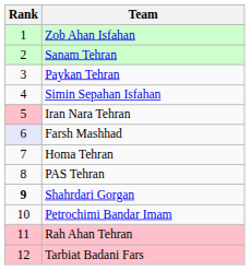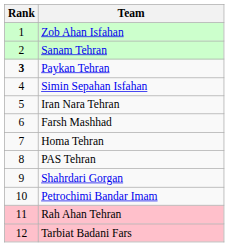 <table class="wikitable" style="text-align: center;">
 <tr>
 <th width=40>Rank</th>
 <th width=250>Team</th>
 </tr>
 <tr bgcolor=ccffcc>
 <td>1</td>
 <td align="left"><a href='#'>Zob Ahan Isfahan</a></td>
 </tr>
 <tr bgcolor=ccffcc>
 <td>2</td>
 <td align="left"><a href='#'>Sanam Tehran</a></td>
 </tr>
 <tr>
-<td>3</td>
+<td><strong>3</strong></td>
 <td align="left"><a href='#'>Paykan Tehran</a></td>
 </tr>
 <tr>
 <td>4</td>
 <td align="left"><a href='#'>Simin Sepahan Isfahan</a></td>
 </tr>
 <tr>
-<td style="background: pink;">5</td>
+<td>5</td>
 <td align="left">Iran Nara Tehran</td>
 </tr>
 <tr>
-<td style="background: lavender;">6</td>
+<td>6</td>
 <td align="left">Farsh Mashhad</td>
 </tr>
 <tr>
 <td>7</td>
 <td align="left">Homa Tehran</td>
 </tr>
 <tr>
 <td>8</td>
 <td align="left">PAS Tehran</td>
 </tr>
 <tr>
-<td><strong>9</strong></td>
+<td>9</td>
 <td align="left"><a href='#'>Shahrdari Gorgan</a></td>
 </tr>
 <tr>
 <td>10</td>
 <td align="left"><a href='#'>Petrochimi Bandar Imam</a></td>
 </tr>
 <tr bgcolor=pink>
 <td>11</td>
 <td align="left">Rah Ahan Tehran</td>
 </tr>
 <tr bgcolor=pink>
 <td>12</td>
 <td align="left">Tarbiat Badani Fars</td>
 </tr>
 </table>
